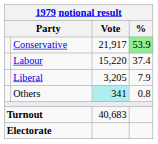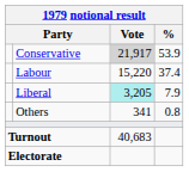 <table class="wikitable">
 <tr>
 <th colspan="4"><a href='#'>1979</a> <a href='#'>notional result</a></th>
 </tr>
 <tr>
 <th bgcolor="#DDDDFF" width="130px" colspan="2">Party</th>
 <th bgcolor="#DDDDFF" width="50px">Vote</th>
 <th bgcolor="#DDDDFF" width="30px">%</th>
 </tr>
 <tr>
 <td></td>
 <td><a href='#'>Conservative</a></td>
-<td align=right>21,917</td>
-<td align=right style="background: lightgreen;">53.9</td>
+<td align=right style="background: lightgrey;">21,917</td>
+<td align=right>53.9</td>
 </tr>
 <tr>
 <td></td>
 <td><a href='#'>Labour</a></td>
 <td align=right>15,220</td>
 <td align=right>37.4</td>
 </tr>
 <tr>
 <td></td>
 <td><a href='#'>Liberal</a></td>
-<td align=right>3,205</td>
+<td align=right style="background: paleturquoise;">3,205</td>
 <td align=right>7.9</td>
 </tr>
 <tr>
 <td></td>
 <td>Others</td>
-<td align=right style="background: paleturquoise;">341</td>
+<td align=right>341</td>
 <td align=right>0.8</td>
 </tr>
 <tr>
 <td colspan="4" bgcolor="#EAECF0"></td>
 </tr>
 <tr>
 <td colspan="2"><strong>Turnout</strong></td>
 <td align=right>40,683</td>
 <td align=right></td>
 </tr>
 <tr>
 <td colspan="2"><strong>Electorate</strong></td>
 <td align=right></td>
 </tr>
 </table>
